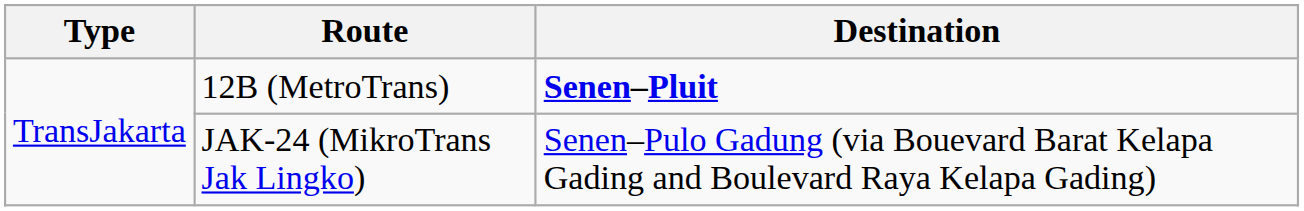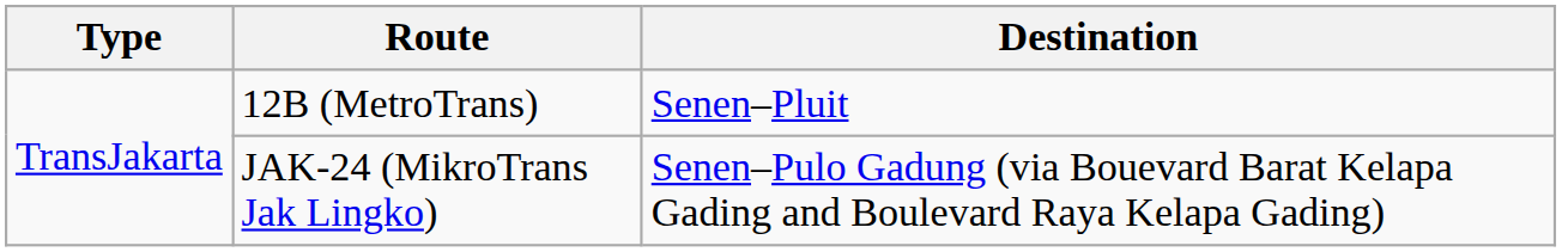 <table class="wikitable">
 <tr>
 <th>Type</th>
 <th>Route</th>
 <th>Destination</th>
 </tr>
 <tr>
 <td rowspan="2"><a href='#'>TransJakarta</a></td>
 <td>12B (MetroTrans)</td>
-<td><strong><a href='#'>Senen</a>–<a href='#'>Pluit</a></strong></td>
+<td><a href='#'>Senen</a>–<a href='#'>Pluit</a></td>
 </tr>
 <tr>
 <td>JAK-24 (MikroTrans <a href='#'>Jak Lingko</a>)</td>
 <td><a href='#'>Senen</a>–<a href='#'>Pulo Gadung</a> (via Bouevard Barat Kelapa Gading and Boulevard Raya Kelapa Gading)</td>
 </tr>
 </table>
